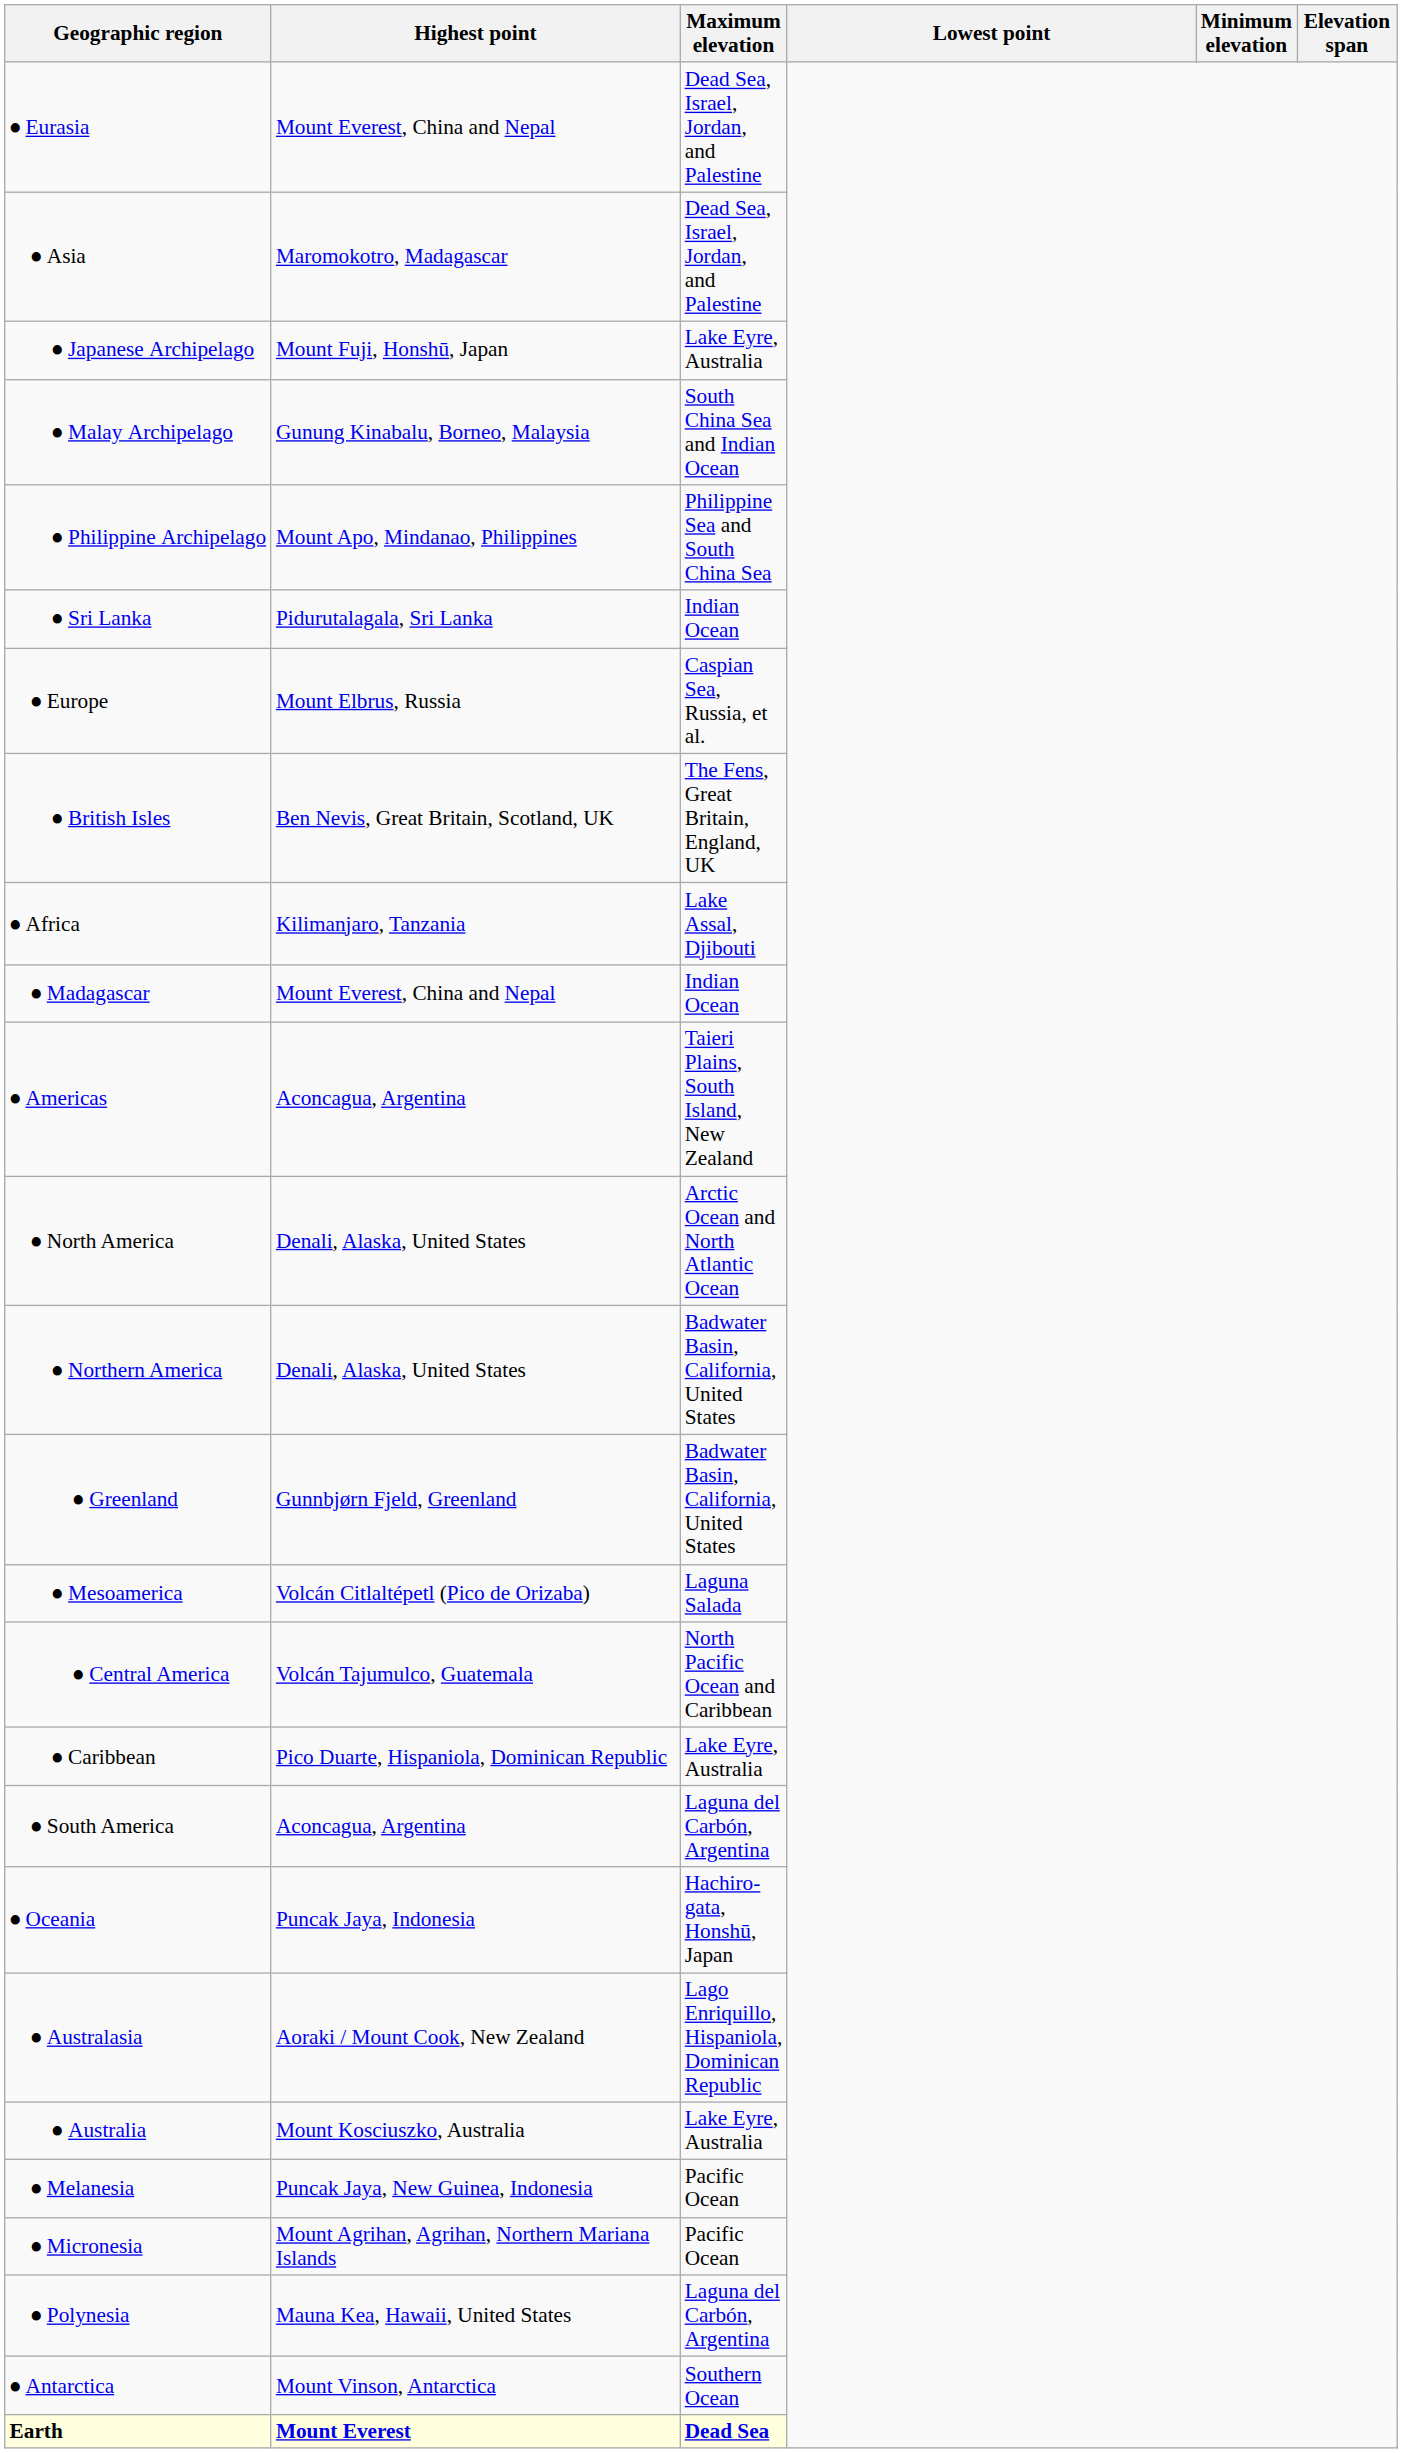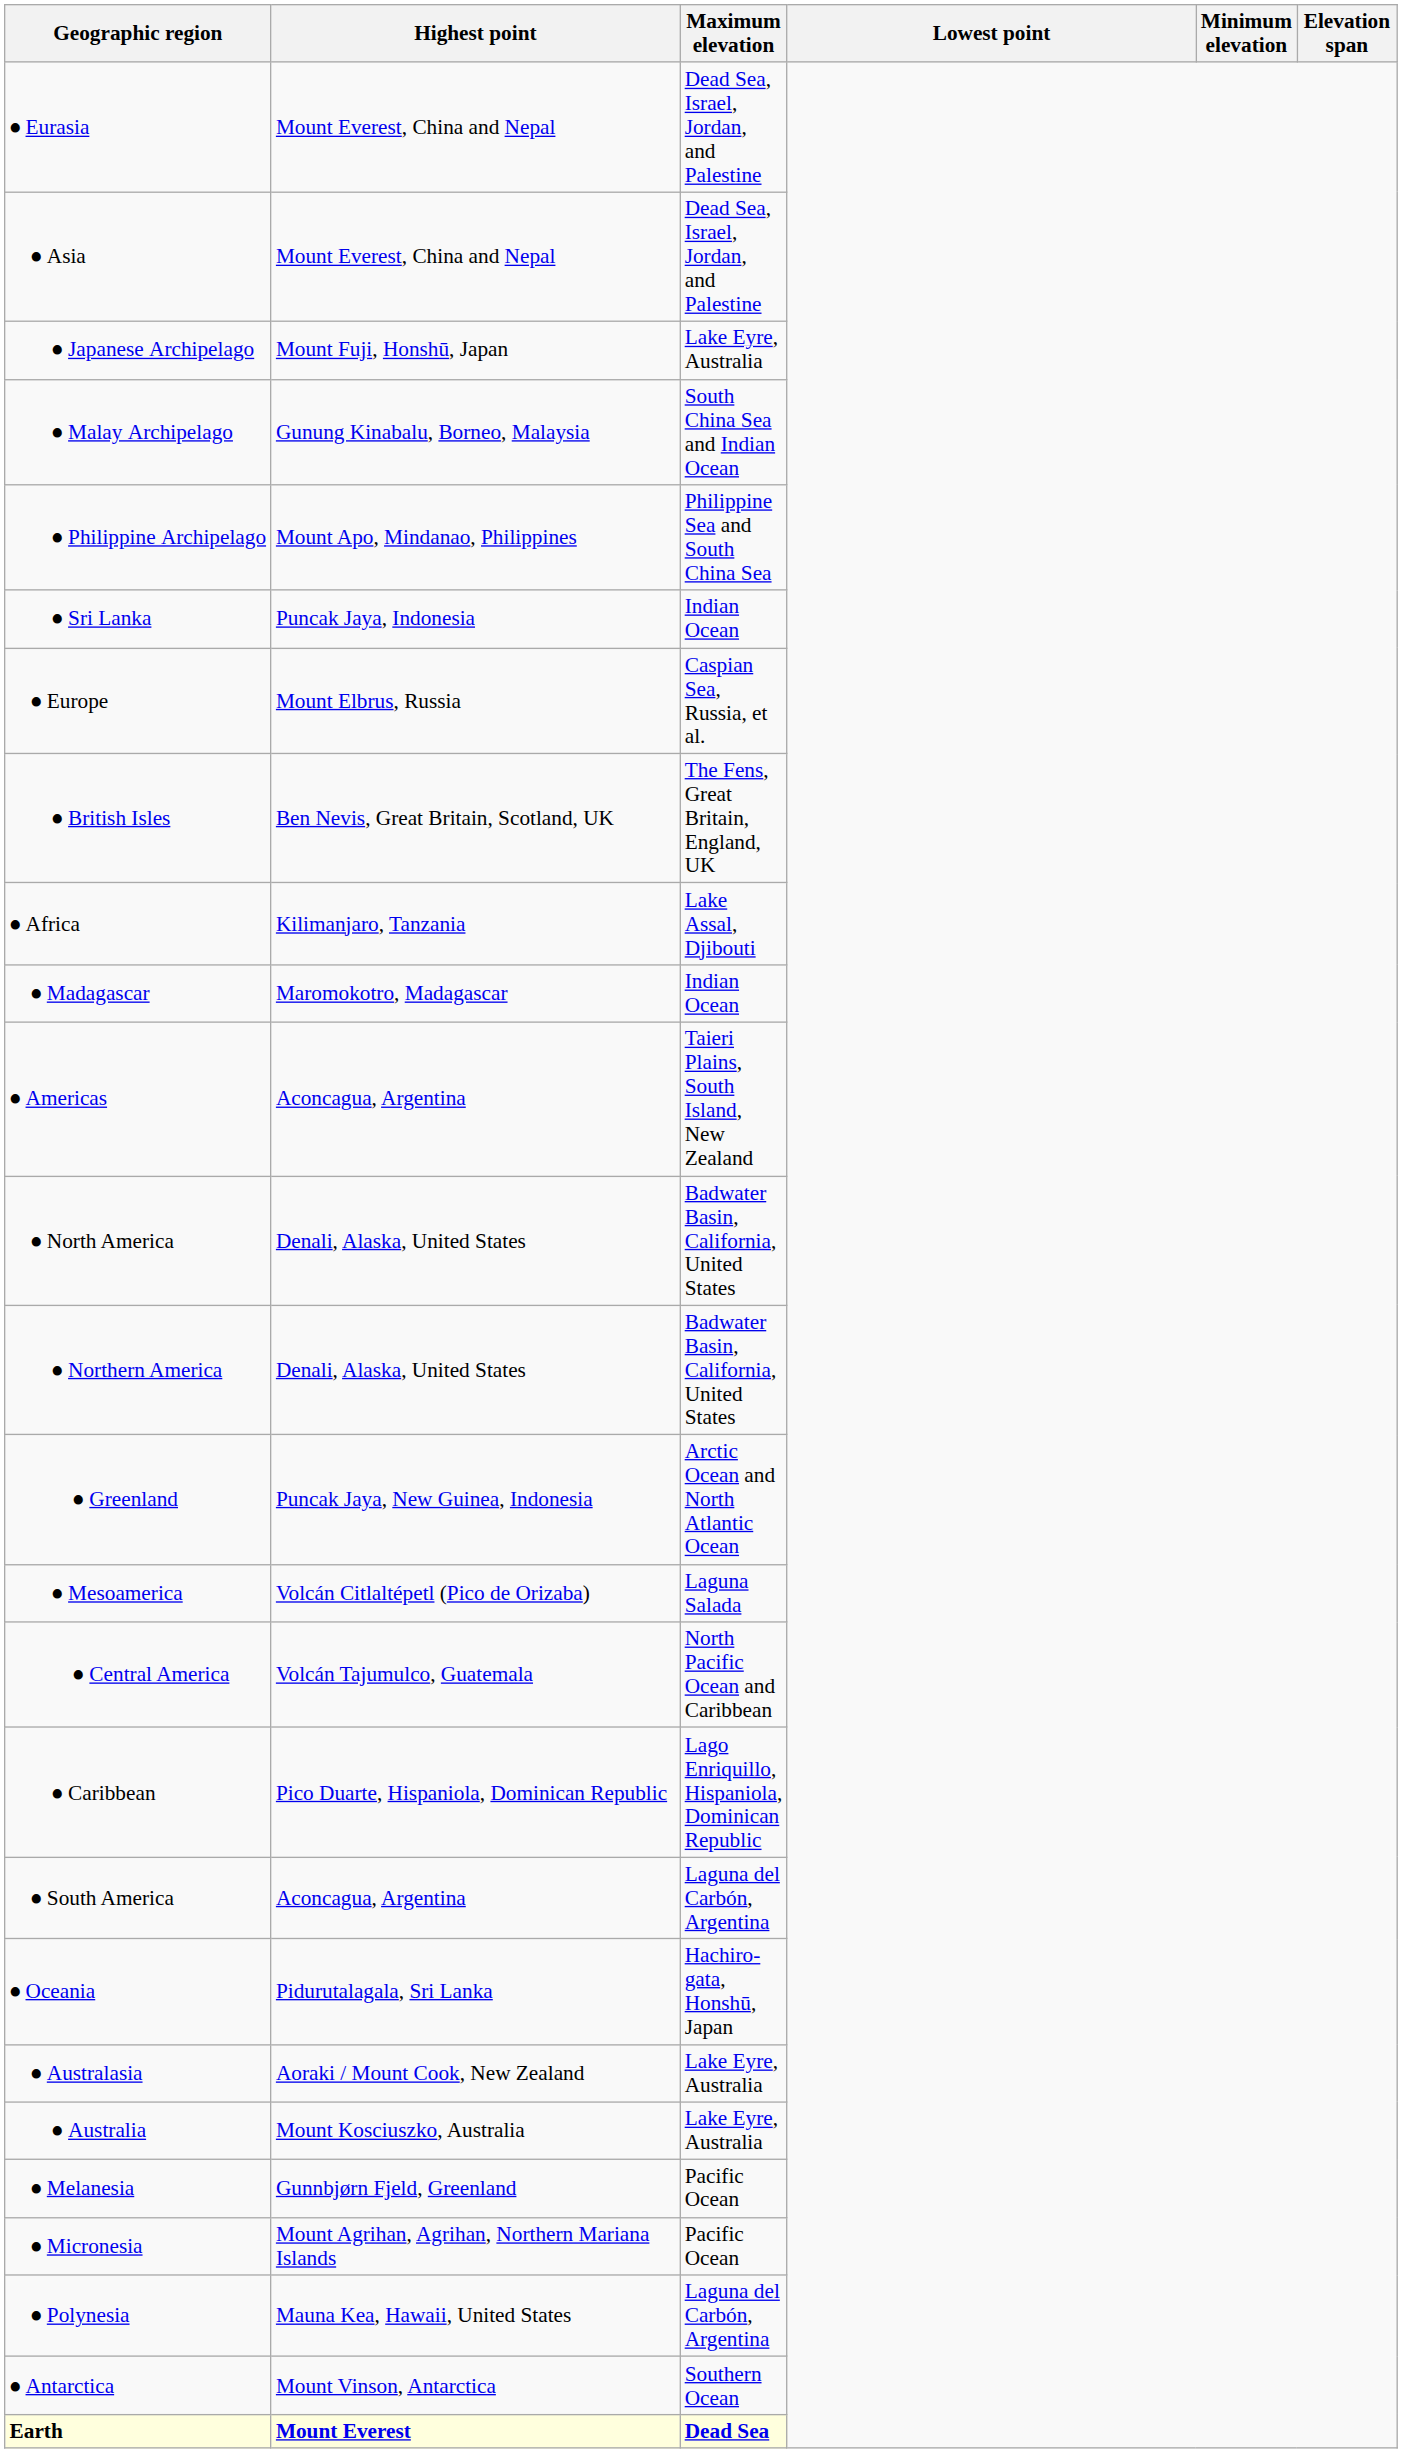 <table class="wikitable sortable">
 <tr>
 <th width="174px">Geographic region</th>
 <th width="300px">Highest point</th>
 <th width="68px">Maximum elevation</th>
 <th width="300px">Lowest point</th>
 <th width="68px">Minimum elevation</th>
 <th width="68px">Elevation span</th>
 </tr>
 <tr>
 <td>⦁ <a href='#'>Eurasia</a></td>
 <td><a href='#'>Mount Everest</a>, China and <a href='#'>Nepal</a><br></td>
 <td><a href='#'>Dead Sea</a>, <a href='#'>Israel</a>, <a href='#'>Jordan</a>, and <a href='#'>Palestine</a><br> </td>
 </tr>
 <tr>
 <td>    ⦁ Asia</td>
-<td><a href='#'>Maromokotro</a>, <a href='#'>Madagascar</a><br></td>
+<td><a href='#'>Mount Everest</a>, China and <a href='#'>Nepal</a><br></td>
 <td><a href='#'>Dead Sea</a>, <a href='#'>Israel</a>, <a href='#'>Jordan</a>, and <a href='#'>Palestine</a><br> </td>
 </tr>
 <tr>
 <td>        ⦁ <a href='#'>Japanese Archipelago</a></td>
 <td><a href='#'>Mount Fuji</a>, <a href='#'>Honshū</a>, Japan<br></td>
 <td><a href='#'>Lake Eyre</a>, Australia<br> </td>
 </tr>
 <tr>
 <td>        ⦁ <a href='#'>Malay&nbsp;Archipelago</a></td>
 <td><a href='#'>Gunung Kinabalu</a>, <a href='#'>Borneo</a>, <a href='#'>Malaysia</a><br></td>
 <td><a href='#'>South China Sea</a> and <a href='#'>Indian Ocean</a><br> </td>
 </tr>
 <tr>
 <td>        ⦁ <a href='#'>Philippine Archipelago</a></td>
 <td><a href='#'>Mount Apo</a>, <a href='#'>Mindanao</a>, <a href='#'>Philippines</a><br></td>
 <td><a href='#'>Philippine Sea</a> and <a href='#'>South China Sea</a><br> </td>
 </tr>
 <tr>
 <td>        ⦁ <a href='#'>Sri Lanka</a></td>
-<td><a href='#'>Pidurutalagala</a>, <a href='#'>Sri Lanka</a><br></td>
+<td><a href='#'>Puncak Jaya</a>, <a href='#'>Indonesia</a><br></td>
 <td><a href='#'>Indian Ocean</a><br> </td>
 </tr>
 <tr>
 <td>    ⦁ Europe</td>
 <td><a href='#'>Mount Elbrus</a>, Russia<br></td>
 <td><a href='#'>Caspian Sea</a>, Russia, et al.<br> </td>
 </tr>
 <tr>
 <td>        ⦁ <a href='#'>British Isles</a></td>
 <td><a href='#'>Ben Nevis</a>, Great Britain, Scotland, UK<br></td>
 <td><a href='#'>The Fens</a>, Great Britain, England, UK<br> </td>
 </tr>
 <tr>
 <td>⦁ Africa</td>
 <td><a href='#'>Kilimanjaro</a>, <a href='#'>Tanzania</a><br></td>
 <td><a href='#'>Lake Assal</a>, <a href='#'>Djibouti</a><br> </td>
 </tr>
 <tr>
 <td>    ⦁ <a href='#'>Madagascar</a></td>
-<td><a href='#'>Mount Everest</a>, China and <a href='#'>Nepal</a><br></td>
+<td><a href='#'>Maromokotro</a>, <a href='#'>Madagascar</a><br></td>
 <td><a href='#'>Indian Ocean</a><br> </td>
 </tr>
 <tr>
 <td>⦁ <a href='#'>Americas</a></td>
 <td><a href='#'>Aconcagua</a>, <a href='#'>Argentina</a><br></td>
 <td><a href='#'>Taieri Plains</a>, <a href='#'>South Island</a>, New Zealand<br> </td>
 </tr>
 <tr>
 <td>    ⦁ North America</td>
 <td><a href='#'>Denali</a>, <a href='#'>Alaska</a>, United States<br></td>
-<td><a href='#'>Arctic Ocean</a> and <a href='#'>North Atlantic Ocean</a><br> </td>
+<td><a href='#'>Badwater Basin</a>, <a href='#'>California</a>, United States<br> </td>
 </tr>
 <tr>
 <td>        ⦁ <a href='#'>Northern America</a></td>
 <td><a href='#'>Denali</a>, <a href='#'>Alaska</a>, United States<br></td>
 <td><a href='#'>Badwater Basin</a>, <a href='#'>California</a>, United States<br> </td>
 </tr>
 <tr>
 <td>            ⦁ <a href='#'>Greenland</a></td>
-<td><a href='#'>Gunnbjørn Fjeld</a>, <a href='#'>Greenland</a><br></td>
-<td><a href='#'>Badwater Basin</a>, <a href='#'>California</a>, United States<br> </td>
+<td><a href='#'>Puncak Jaya</a>, <a href='#'>New Guinea</a>, <a href='#'>Indonesia</a><br></td>
+<td><a href='#'>Arctic Ocean</a> and <a href='#'>North Atlantic Ocean</a><br> </td>
 </tr>
 <tr>
 <td>        ⦁ <a href='#'>Mesoamerica</a></td>
 <td><a href='#'>Volcán Citlaltépetl</a> (<a href='#'>Pico de Orizaba</a>)<br></td>
 <td><a href='#'>Laguna Salada</a><br> </td>
 </tr>
 <tr>
 <td>            ⦁ <a href='#'>Central America</a></td>
 <td><a href='#'>Volcán Tajumulco</a>, <a href='#'>Guatemala</a><br></td>
 <td><a href='#'>North Pacific Ocean</a> and Caribbean<br> </td>
 </tr>
 <tr>
 <td>        ⦁ Caribbean</td>
 <td><a href='#'>Pico Duarte</a>, <a href='#'>Hispaniola</a>, <a href='#'>Dominican Republic</a><br></td>
-<td><a href='#'>Lake Eyre</a>, Australia<br> </td>
+<td><a href='#'>Lago Enriquillo</a>, <a href='#'>Hispaniola</a>, <a href='#'>Dominican Republic</a><br> </td>
 </tr>
 <tr>
 <td>    ⦁ South America</td>
 <td><a href='#'>Aconcagua</a>, <a href='#'>Argentina</a><br></td>
 <td><a href='#'>Laguna del Carbón</a>, <a href='#'>Argentina</a><br> </td>
 </tr>
 <tr>
 <td>⦁ <a href='#'>Oceania</a></td>
-<td><a href='#'>Puncak Jaya</a>, <a href='#'>Indonesia</a><br></td>
+<td><a href='#'>Pidurutalagala</a>, <a href='#'>Sri Lanka</a><br></td>
 <td><a href='#'>Hachiro-gata</a>, <a href='#'>Honshū</a>, Japan<br> </td>
 </tr>
 <tr>
 <td>    ⦁ <a href='#'>Australasia</a></td>
 <td><a href='#'>Aoraki / Mount Cook</a>, New Zealand<br></td>
-<td><a href='#'>Lago Enriquillo</a>, <a href='#'>Hispaniola</a>, <a href='#'>Dominican Republic</a><br> </td>
+<td><a href='#'>Lake Eyre</a>, Australia<br> </td>
 </tr>
 <tr>
 <td>        ⦁ <a href='#'>Australia</a></td>
 <td><a href='#'>Mount Kosciuszko</a>, Australia<br></td>
 <td><a href='#'>Lake Eyre</a>, Australia<br> </td>
 </tr>
 <tr>
 <td>    ⦁ <a href='#'>Melanesia</a></td>
-<td><a href='#'>Puncak Jaya</a>, <a href='#'>New Guinea</a>, <a href='#'>Indonesia</a><br></td>
+<td><a href='#'>Gunnbjørn Fjeld</a>, <a href='#'>Greenland</a><br></td>
 <td>Pacific Ocean<br> </td>
 </tr>
 <tr>
 <td>    ⦁ <a href='#'>Micronesia</a></td>
 <td><a href='#'>Mount Agrihan</a>, <a href='#'>Agrihan</a>, <a href='#'>Northern Mariana Islands</a><br></td>
 <td>Pacific Ocean<br> </td>
 </tr>
 <tr>
 <td>    ⦁ <a href='#'>Polynesia</a></td>
 <td><a href='#'>Mauna Kea</a>, <a href='#'>Hawaii</a>, United States<br></td>
 <td><a href='#'>Laguna del Carbón</a>, <a href='#'>Argentina</a><br> </td>
 </tr>
 <tr>
 <td>⦁ <a href='#'>Antarctica</a></td>
 <td><a href='#'>Mount Vinson</a>, <a href='#'>Antarctica</a><br></td>
 <td><a href='#'>Southern Ocean</a><br> </td>
 </tr>
 <tr class="sortbottom" style="background-color:#ffffdd;">
 <td> <strong>Earth</strong></td>
 <td><strong><a href='#'>Mount Everest</a></strong><br></td>
 <td><strong><a href='#'>Dead Sea</a></strong><br> </td>
 </tr>
 </table>
